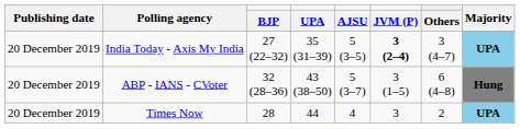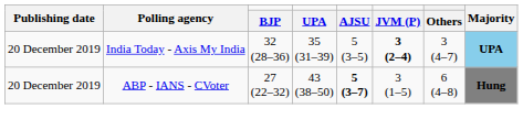 <table class="wikitable sortable" style="text-align:center;font-size:100%;line-height:20px;">
 <tr>
 <th rowspan=2>Publishing date</th>
 <th rowspan=2>Polling agency</th>
 <td></td>
 <td></td>
 <td></td>
 <td></td>
 <th></th>
 <th rowspan=2>Majority</th>
 </tr>
 <tr>
 <th><a href='#'>BJP</a></th>
 <th><a href='#'>UPA</a></th>
 <th><a href='#'>AJSU</a></th>
 <th><a href='#'>JVM (P)</a></th>
 <th>Others</th>
 </tr>
 <tr>
 <td>20 December 2019</td>
 <td><a href='#'>India Today</a> - <a href='#'>Axis My India</a></td>
-<td>27<br>(22–32)</td>
+<td>32<br>(28–36)</td>
 <td>35<br>(31–39)</td>
 <td>5<br>(3–5)</td>
 <td><strong>3<br>(2–4)</strong></td>
 <td>3<br>(4–7)</td>
 <td bgcolor="skyblue"><strong>UPA</strong></td>
 </tr>
 <tr>
 <td>20 December 2019</td>
 <td><a href='#'>ABP</a> - <a href='#'>IANS</a> - <a href='#'>CVoter</a></td>
-<td>32<br>(28–36)</td>
+<td>27<br>(22–32)</td>
 <td>43<br>(38–50)</td>
-<td>5<br>(3–7)</td>
+<td><strong>5<br>(3–7)</strong></td>
 <td>3<br>(1–5)</td>
 <td>6<br>(4–8)</td>
 <td bgcolor="grey"><strong>Hung</strong></td>
 </tr>
-<tr>
-<td>20 December 2019</td>
-<td><a href='#'>Times Now</a></td>
-<td>28</td>
-<td>44</td>
-<td>4</td>
-<td>3</td>
-<td>2</td>
-<td bgcolor="skyblue"><strong>UPA</strong></td>
-</tr>
 </table>
